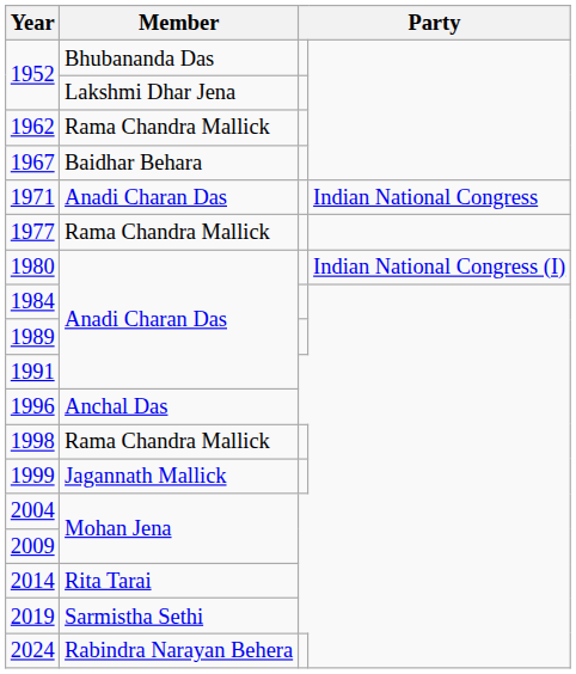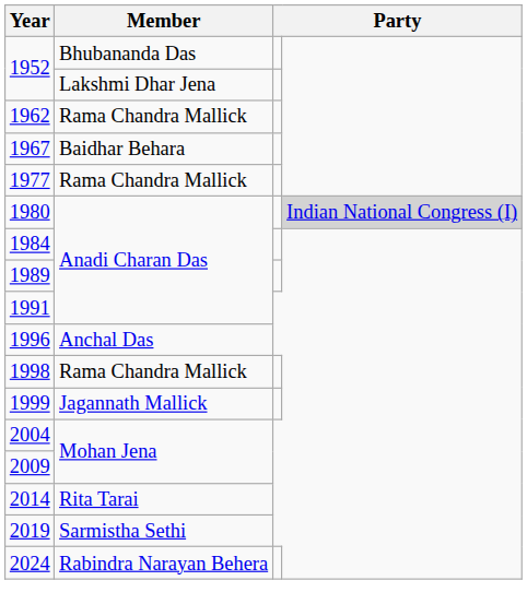 <table class="wikitable">
 <tr>
 <th>Year</th>
 <th>Member</th>
 <th colspan="2">Party</th>
 </tr>
 <tr>
 <td rowspan="2"><a href='#'>1952</a></td>
 <td>Bhubananda Das</td>
 <td></td>
 </tr>
 <tr>
 <td>Lakshmi Dhar Jena</td>
 <td></td>
 </tr>
 <tr>
 <td><a href='#'>1962</a></td>
 <td>Rama Chandra Mallick</td>
 <td></td>
 </tr>
 <tr>
 <td><a href='#'>1967</a></td>
 <td>Baidhar Behara</td>
 <td></td>
 </tr>
 <tr>
-<td><a href='#'>1971</a></td>
-<td><a href='#'>Anadi Charan Das</a></td>
-<td></td>
-<td><a href='#'>Indian National Congress</a></td>
-</tr>
-<tr>
 <td><a href='#'>1977</a></td>
 <td>Rama Chandra Mallick</td>
 <td></td>
 </tr>
 <tr>
 <td><a href='#'>1980</a></td>
 <td rowspan="4"><a href='#'>Anadi Charan Das</a></td>
 <td style="background-color: "></td>
-<td><a href='#'>Indian National Congress (I)</a></td>
+<td style="background: lightgrey;"><a href='#'>Indian National Congress (I)</a></td>
 </tr>
 <tr>
 <td><a href='#'>1984</a></td>
 <td></td>
 </tr>
 <tr>
 <td><a href='#'>1989</a></td>
 <td></td>
 </tr>
 <tr>
 <td><a href='#'>1991</a></td>
 </tr>
 <tr>
 <td><a href='#'>1996</a></td>
 <td><a href='#'>Anchal Das</a></td>
 </tr>
 <tr>
 <td><a href='#'>1998</a></td>
 <td>Rama Chandra Mallick</td>
 <td></td>
 </tr>
 <tr>
 <td><a href='#'>1999</a></td>
 <td><a href='#'>Jagannath Mallick</a></td>
 <td></td>
 </tr>
 <tr>
 <td><a href='#'>2004</a></td>
 <td rowspan="2"><a href='#'>Mohan Jena</a></td>
 </tr>
 <tr>
 <td><a href='#'>2009</a></td>
 </tr>
 <tr>
 <td><a href='#'>2014</a></td>
 <td><a href='#'>Rita Tarai</a></td>
 </tr>
 <tr>
 <td><a href='#'>2019</a></td>
 <td><a href='#'>Sarmistha Sethi</a></td>
 </tr>
 <tr>
 <td><a href='#'>2024</a></td>
 <td><a href='#'>Rabindra Narayan Behera</a></td>
 <td></td>
 </tr>
 </table>
